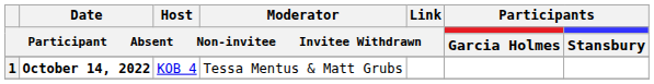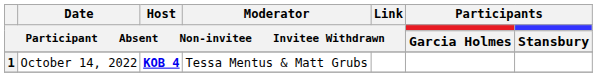 <table class="wikitable" style="text-align:center;">
 <tr style="font-size:small;">
 <th scope="col"></th>
 <th scope="col">Date</th>
 <th scope="col">Host</th>
 <th scope="col">Moderator</th>
 <th scope="col">Link</th>
 <th scope="col" colspan="4">Participants</th>
 </tr>
 <tr>
 <th colspan="5" rowspan="2"> <small>Participant  </small> <small>Absent  </small> <small>Non-invitee  </small> <small>Invitee Withdrawn</small></th>
 <th scope="col" style="background:#E81B23;"></th>
 <th scope="col" style="background:#3333FF;"></th>
 </tr>
 <tr>
 <th scope="col">Garcia Holmes</th>
 <th scope="col">Stansbury</th>
 </tr>
 <tr>
 </tr>
 <tr style="background:#FFFFFF;font-size:small;">
 <th scope="row">1</th>
-<td style="white-space:nowrap;"><strong>October 14, 2022</strong></td>
-<td style="white-space:nowrap;"><a href='#'>KOB 4</a></td>
+<td style="white-space:nowrap;">October 14, 2022</td>
+<td style="white-space:nowrap;"><strong><a href='#'>KOB 4</a></strong></td>
 <td style="white-space:nowrap;">Tessa Mentus & Matt Grubs</td>
 <td style="white-space:nowrap;"></td>
 <td></td>
 <td></td>
 </tr>
 <tr>
 </tr>
 </table>
